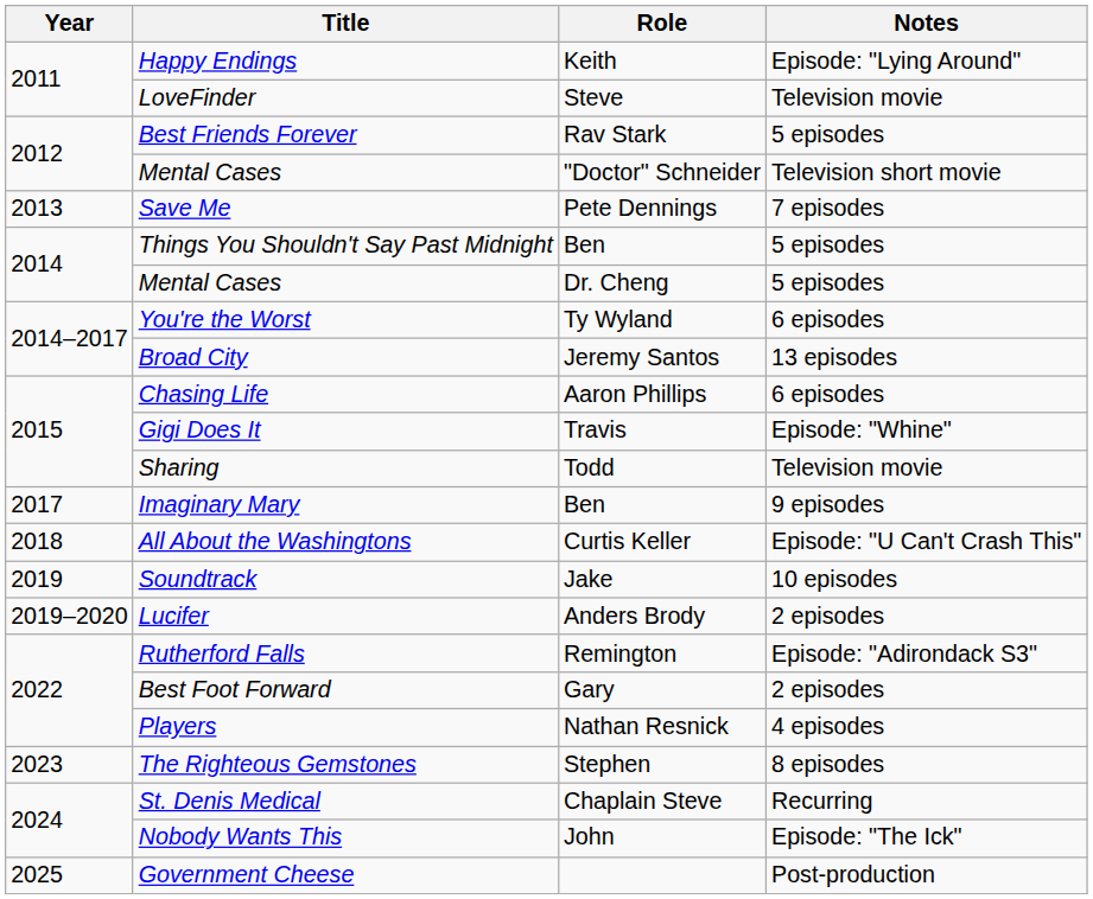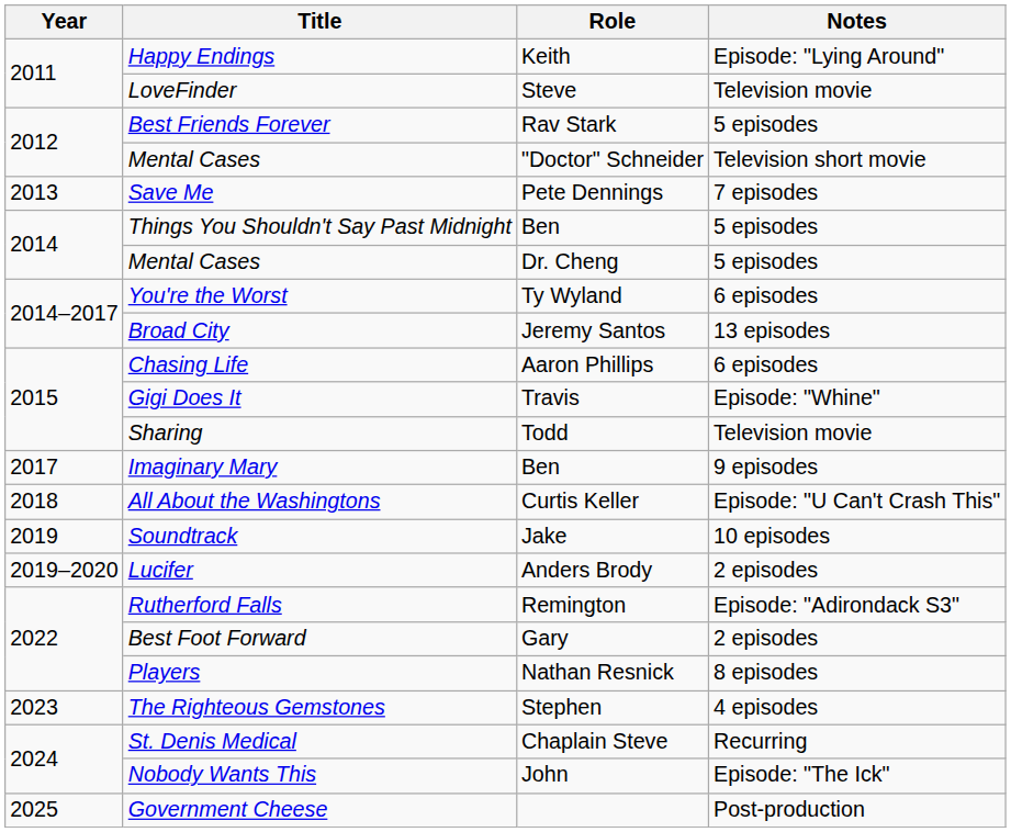 <table class="wikitable sortable">
 <tr>
 <th>Year</th>
 <th>Title</th>
 <th>Role</th>
 <th class="unsortable">Notes</th>
 </tr>
 <tr>
 <td rowspan="2">2011</td>
 <td><em><a href='#'>Happy Endings</a></em></td>
 <td>Keith</td>
 <td>Episode: "Lying Around"</td>
 </tr>
 <tr>
 <td><em>LoveFinder</em></td>
 <td>Steve</td>
 <td>Television movie</td>
 </tr>
 <tr>
 <td rowspan="2">2012</td>
 <td><em><a href='#'>Best Friends Forever</a></em></td>
 <td>Rav Stark</td>
 <td>5 episodes</td>
 </tr>
 <tr>
 <td><em>Mental Cases</em></td>
 <td>"Doctor" Schneider</td>
 <td>Television short movie</td>
 </tr>
 <tr>
 <td>2013</td>
 <td><em><a href='#'>Save Me</a></em></td>
 <td>Pete Dennings</td>
 <td>7 episodes</td>
 </tr>
 <tr>
 <td rowspan="2">2014</td>
 <td><em>Things You Shouldn't Say Past Midnight</em></td>
 <td>Ben</td>
 <td>5 episodes</td>
 </tr>
 <tr>
 <td><em>Mental Cases</em></td>
 <td>Dr. Cheng</td>
 <td>5 episodes</td>
 </tr>
 <tr>
 <td rowspan="2">2014–2017</td>
 <td><em><a href='#'>You're the Worst</a></em></td>
 <td>Ty Wyland</td>
 <td>6 episodes</td>
 </tr>
 <tr>
 <td><em><a href='#'>Broad City</a></em></td>
 <td>Jeremy Santos</td>
 <td>13 episodes</td>
 </tr>
 <tr>
 <td rowspan="3">2015</td>
 <td><em><a href='#'>Chasing Life</a></em></td>
 <td>Aaron Phillips</td>
 <td>6 episodes</td>
 </tr>
 <tr>
 <td><em><a href='#'>Gigi Does It</a></em></td>
 <td>Travis</td>
 <td>Episode: "Whine"</td>
 </tr>
 <tr>
 <td><em>Sharing</em></td>
 <td>Todd</td>
 <td>Television movie</td>
 </tr>
 <tr>
 <td>2017</td>
 <td><em><a href='#'>Imaginary Mary</a></em></td>
 <td>Ben</td>
 <td>9 episodes</td>
 </tr>
 <tr>
 <td>2018</td>
 <td><em><a href='#'>All About the Washingtons</a></em></td>
 <td>Curtis Keller</td>
 <td>Episode: "U Can't Crash This"</td>
 </tr>
 <tr>
 <td>2019</td>
 <td><em><a href='#'>Soundtrack</a></em></td>
 <td>Jake</td>
 <td>10 episodes</td>
 </tr>
 <tr>
 <td>2019–2020</td>
 <td><em><a href='#'>Lucifer</a></em></td>
 <td>Anders Brody</td>
 <td>2 episodes</td>
 </tr>
 <tr>
 <td rowspan="3">2022</td>
 <td><em><a href='#'>Rutherford Falls</a></em></td>
 <td>Remington</td>
 <td>Episode: "Adirondack S3"</td>
 </tr>
 <tr>
 <td><em>Best Foot Forward</em></td>
 <td>Gary</td>
 <td>2 episodes</td>
 </tr>
 <tr>
 <td><em><a href='#'>Players</a></em></td>
 <td>Nathan Resnick</td>
-<td>4 episodes</td>
+<td>8 episodes</td>
 </tr>
 <tr>
 <td>2023</td>
 <td><em><a href='#'>The Righteous Gemstones</a></em></td>
 <td>Stephen</td>
-<td>8 episodes</td>
+<td>4 episodes</td>
 </tr>
 <tr>
 <td rowspan="2">2024</td>
 <td><em><a href='#'>St. Denis Medical</a></em></td>
 <td>Chaplain Steve</td>
 <td>Recurring</td>
 </tr>
 <tr>
 <td><em><a href='#'>Nobody Wants This</a></em></td>
 <td>John</td>
 <td>Episode: "The Ick"</td>
 </tr>
 <tr>
 <td>2025</td>
 <td><em><a href='#'>Government Cheese</a></em></td>
 <td></td>
 <td>Post-production</td>
 </tr>
 </table>
